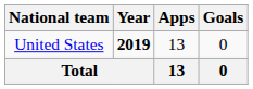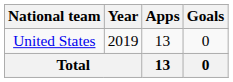 <table class="wikitable" style="text-align: center;">
 <tr>
 <th>National team</th>
 <th>Year</th>
 <th>Apps</th>
 <th>Goals</th>
 </tr>
 <tr>
 <td><a href='#'>United States</a></td>
-<td><strong>2019</strong></td>
+<td>2019</td>
 <td>13</td>
 <td>0</td>
 </tr>
 <tr>
 <th colspan="2">Total</th>
 <th>13</th>
 <th>0</th>
 </tr>
 </table>
